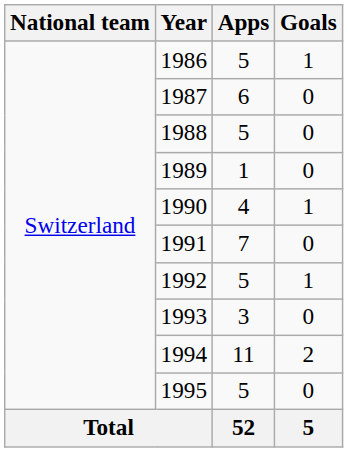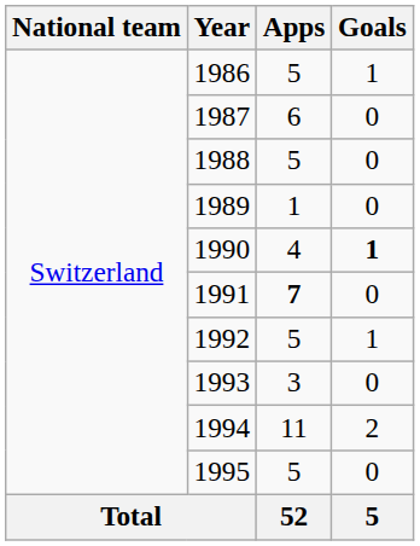 <table class="wikitable" style="text-align:center">
 <tr>
 <th>National team</th>
 <th>Year</th>
 <th>Apps</th>
 <th>Goals</th>
 </tr>
 <tr>
 <td rowspan="10"><a href='#'>Switzerland</a></td>
 <td>1986</td>
 <td>5</td>
 <td>1</td>
 </tr>
 <tr>
 <td>1987</td>
 <td>6</td>
 <td>0</td>
 </tr>
 <tr>
 <td>1988</td>
 <td>5</td>
 <td>0</td>
 </tr>
 <tr>
 <td>1989</td>
 <td>1</td>
 <td>0</td>
 </tr>
 <tr>
 <td>1990</td>
 <td>4</td>
-<td>1</td>
+<td><strong>1</strong></td>
 </tr>
 <tr>
 <td>1991</td>
-<td>7</td>
+<td><strong>7</strong></td>
 <td>0</td>
 </tr>
 <tr>
 <td>1992</td>
 <td>5</td>
 <td>1</td>
 </tr>
 <tr>
 <td>1993</td>
 <td>3</td>
 <td>0</td>
 </tr>
 <tr>
 <td>1994</td>
 <td>11</td>
 <td>2</td>
 </tr>
 <tr>
 <td>1995</td>
 <td>5</td>
 <td>0</td>
 </tr>
 <tr>
 <th colspan="2">Total</th>
 <th>52</th>
 <th>5</th>
 </tr>
 </table>
